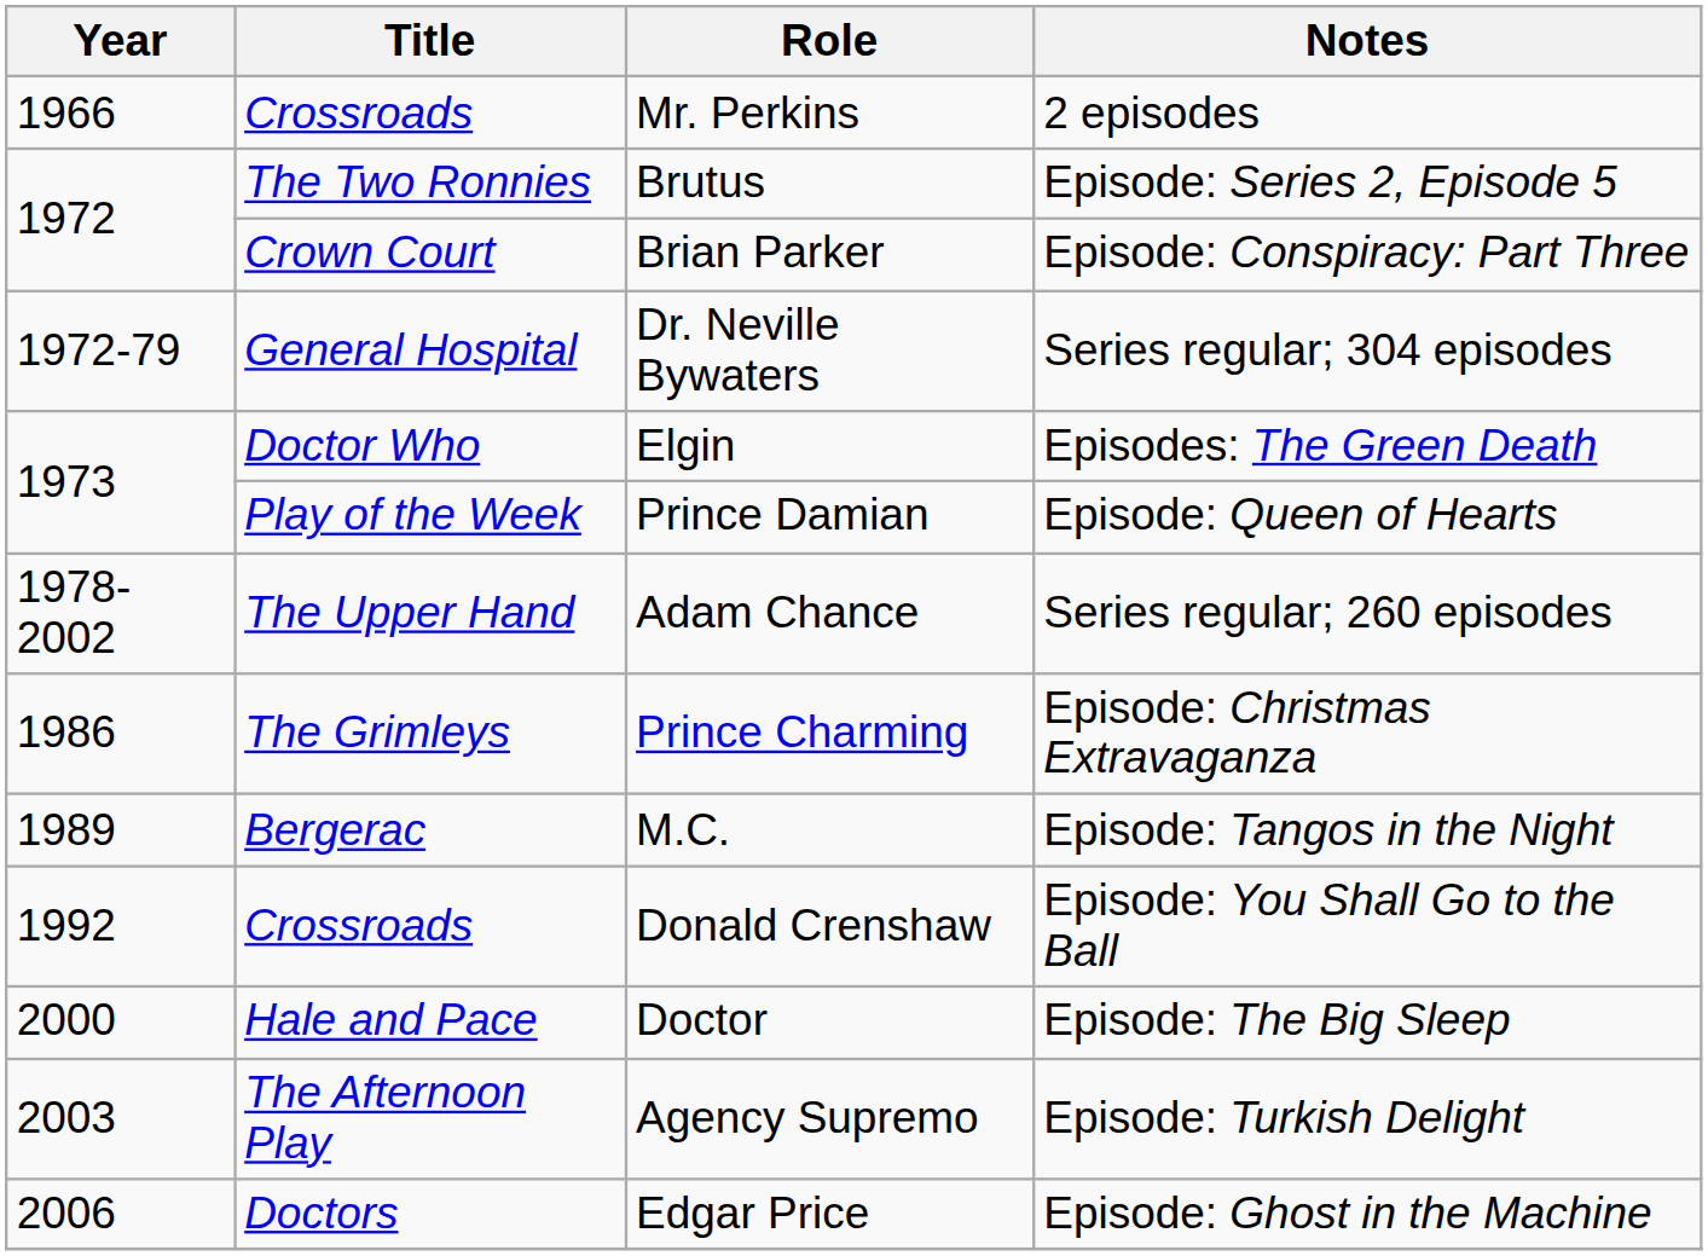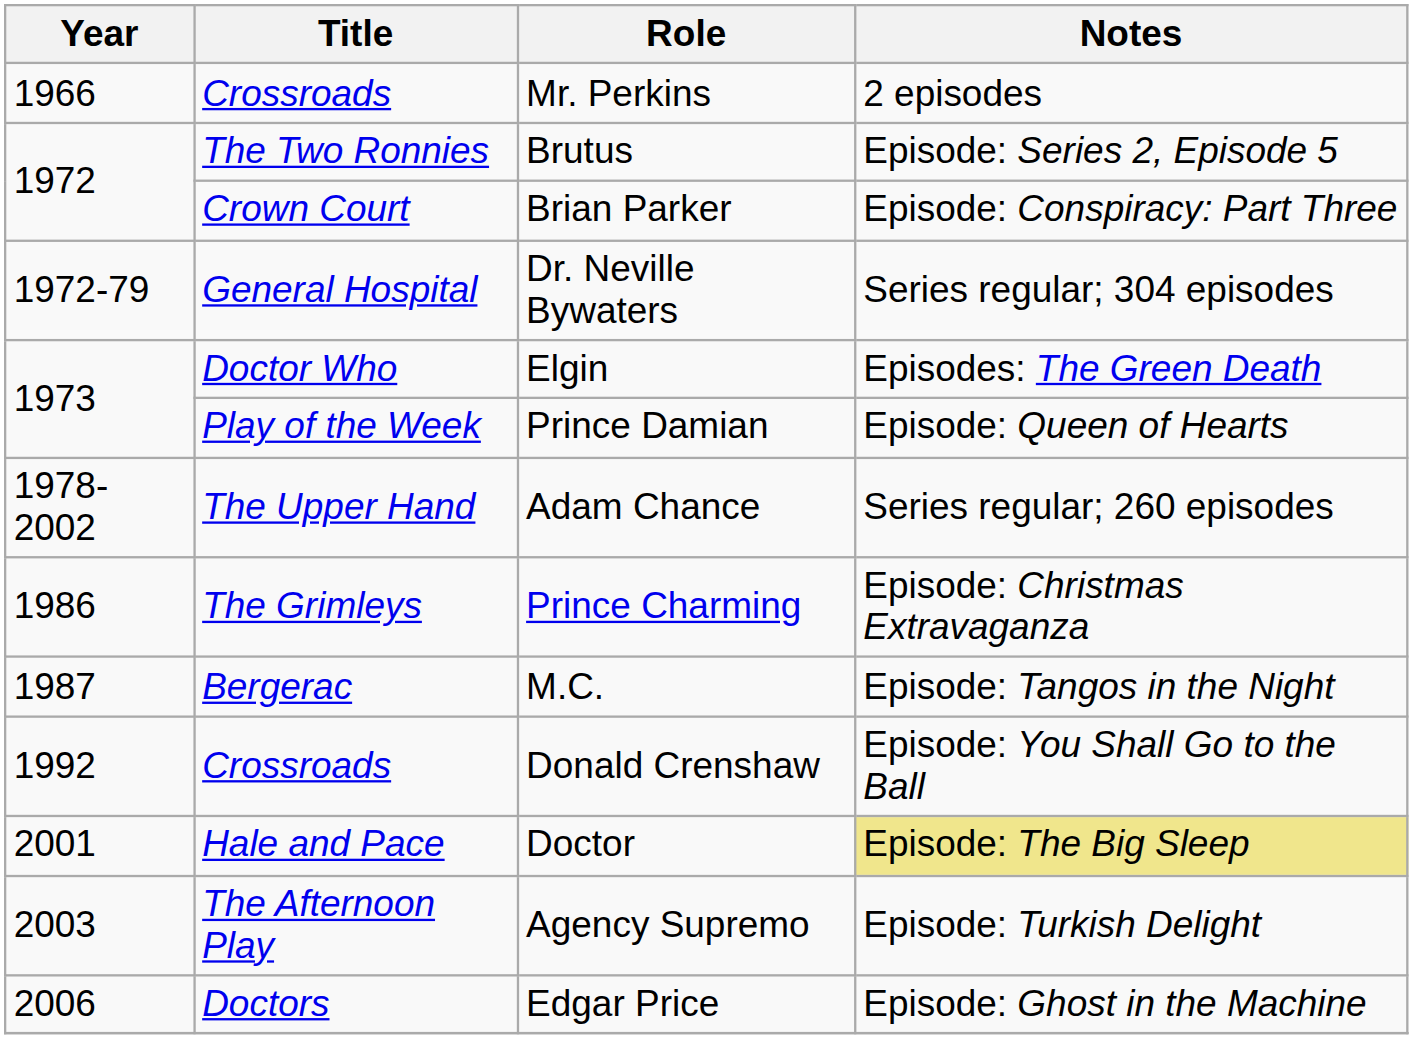 <table class="wikitable sortable">
 <tr>
 <th>Year</th>
 <th>Title</th>
 <th>Role</th>
 <th class="unsortable">Notes</th>
 </tr>
 <tr>
 <td>1966</td>
 <td><em><a href='#'>Crossroads</a></em></td>
 <td>Mr. Perkins</td>
 <td>2 episodes</td>
 </tr>
 <tr>
 <td rowspan="2">1972</td>
 <td><em><a href='#'>The Two Ronnies</a></em></td>
 <td>Brutus</td>
 <td>Episode: <em>Series 2, Episode 5</em></td>
 </tr>
 <tr>
 <td><em><a href='#'>Crown Court</a></em></td>
 <td>Brian Parker</td>
 <td>Episode: <em>Conspiracy: Part Three</em></td>
 </tr>
 <tr>
 <td>1972-79</td>
 <td><em><a href='#'>General Hospital</a></em></td>
 <td>Dr. Neville Bywaters</td>
 <td>Series regular; 304 episodes</td>
 </tr>
 <tr>
 <td rowspan="2">1973</td>
 <td><em><a href='#'>Doctor Who</a></em></td>
 <td>Elgin</td>
 <td>Episodes: <em><a href='#'>The Green Death</a></em></td>
 </tr>
 <tr>
 <td><em><a href='#'>Play of the Week</a></em></td>
 <td>Prince Damian</td>
 <td>Episode: <em>Queen of Hearts</em></td>
 </tr>
 <tr>
 <td>1978-2002</td>
 <td><em><a href='#'>The Upper Hand</a></em></td>
 <td>Adam Chance</td>
 <td>Series regular; 260 episodes</td>
 </tr>
 <tr>
 <td>1986</td>
 <td><em><a href='#'>The Grimleys</a></em></td>
 <td><a href='#'>Prince Charming</a></td>
 <td>Episode: <em>Christmas Extravaganza</em></td>
 </tr>
 <tr>
-<td>1989</td>
+<td>1987</td>
 <td><em><a href='#'>Bergerac</a></em></td>
 <td>M.C.</td>
 <td>Episode: <em>Tangos in the Night</em></td>
 </tr>
 <tr>
 <td>1992</td>
 <td><em><a href='#'>Crossroads</a></em></td>
 <td>Donald Crenshaw</td>
 <td>Episode: <em>You Shall Go to the Ball</em></td>
 </tr>
 <tr>
-<td>2000</td>
+<td>2001</td>
 <td><em><a href='#'>Hale and Pace</a></em></td>
 <td>Doctor</td>
-<td>Episode: <em>The Big Sleep</em></td>
+<td style="background: khaki;">Episode: <em>The Big Sleep</em></td>
 </tr>
 <tr>
 <td>2003</td>
 <td><em><a href='#'>The Afternoon Play</a></em></td>
 <td>Agency Supremo</td>
 <td>Episode: <em>Turkish Delight</em></td>
 </tr>
 <tr>
 <td>2006</td>
 <td><em><a href='#'>Doctors</a></em></td>
 <td>Edgar Price</td>
 <td>Episode: <em>Ghost in the Machine</em></td>
 </tr>
 <tr>
 </tr>
 </table>
